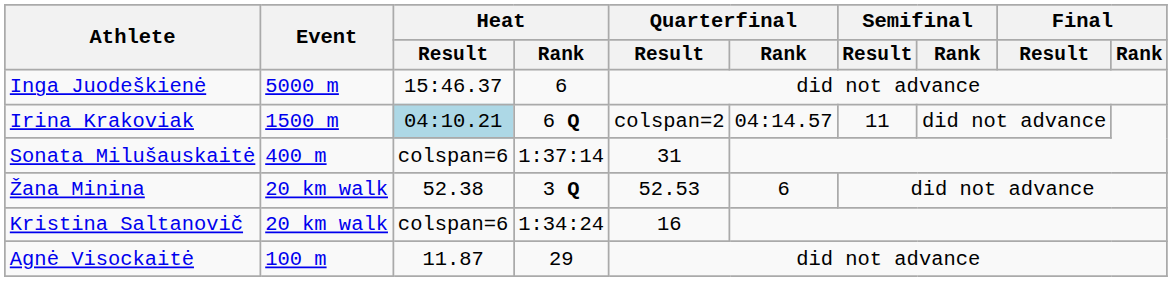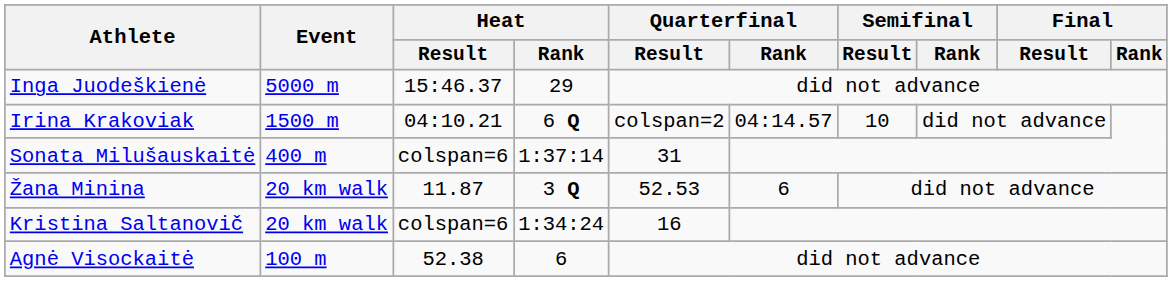 <table class="wikitable" style="font-size:90%">
 <tr>
 <th rowspan="2">Athlete</th>
 <th rowspan="2">Event</th>
 <th colspan="2">Heat</th>
 <th colspan="2">Quarterfinal</th>
 <th colspan="2">Semifinal</th>
 <th colspan="2">Final</th>
 </tr>
 <tr style="font-size:95%">
 <th>Result</th>
 <th>Rank</th>
 <th>Result</th>
 <th>Rank</th>
 <th>Result</th>
 <th>Rank</th>
 <th>Result</th>
 <th>Rank</th>
 </tr>
 <tr align=center>
 <td align=left><a href='#'>Inga Juodeškienė</a></td>
 <td align=left><a href='#'>5000 m</a></td>
 <td>15:46.37</td>
-<td>6</td>
+<td>29</td>
 <td colspan=6>did not advance</td>
 </tr>
 <tr align=center>
 <td align=left><a href='#'>Irina Krakoviak</a></td>
 <td align=left><a href='#'>1500 m</a></td>
-<td style="background: lightblue;">04:10.21</td>
+<td>04:10.21</td>
 <td>6 <strong>Q</strong></td>
 <td>colspan=2 </td>
 <td>04:14.57</td>
-<td>11</td>
+<td>10</td>
 <td colspan=2>did not advance</td>
 </tr>
 <tr align=center>
 <td align=left><a href='#'>Sonata Milušauskaitė</a></td>
 <td align=left><a href='#'>400 m</a></td>
 <td>colspan=6 </td>
 <td>1:37:14</td>
 <td>31</td>
 </tr>
 <tr align=center>
 <td align=left><a href='#'>Žana Minina</a></td>
 <td align=left><a href='#'>20 km walk</a></td>
-<td>52.38</td>
+<td>11.87</td>
 <td>3 <strong>Q</strong></td>
 <td>52.53</td>
 <td>6</td>
 <td colspan=4>did not advance</td>
 </tr>
 <tr align=center>
 <td align=left><a href='#'>Kristina Saltanovič</a></td>
 <td align=left><a href='#'>20 km walk</a></td>
 <td>colspan=6 </td>
 <td>1:34:24</td>
 <td>16</td>
 </tr>
 <tr align=center>
 <td align=left><a href='#'>Agnė Visockaitė</a></td>
 <td align=left><a href='#'>100 m</a></td>
-<td>11.87</td>
-<td>29</td>
+<td>52.38</td>
+<td>6</td>
 <td colspan=6>did not advance</td>
 </tr>
 </table>
